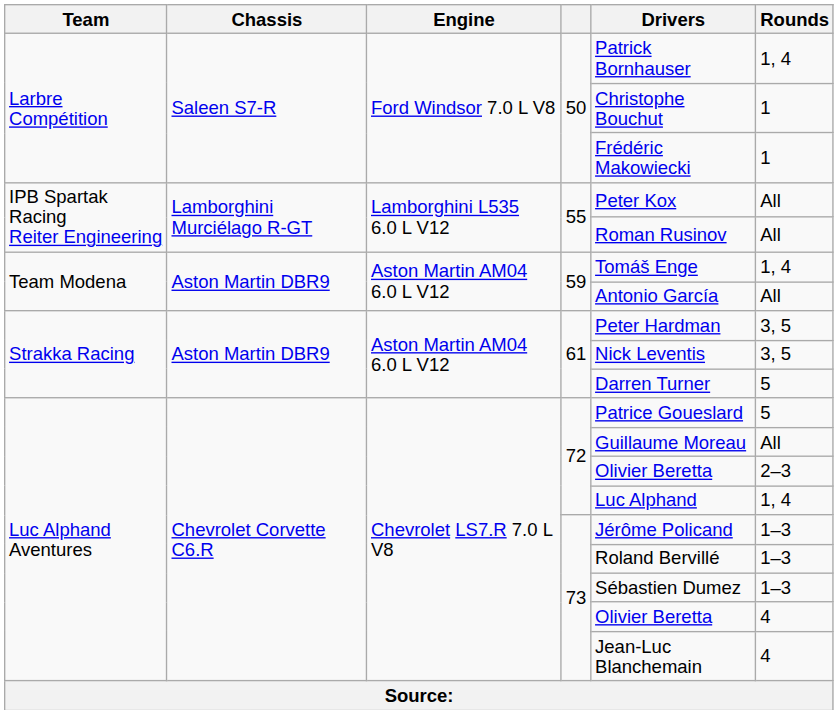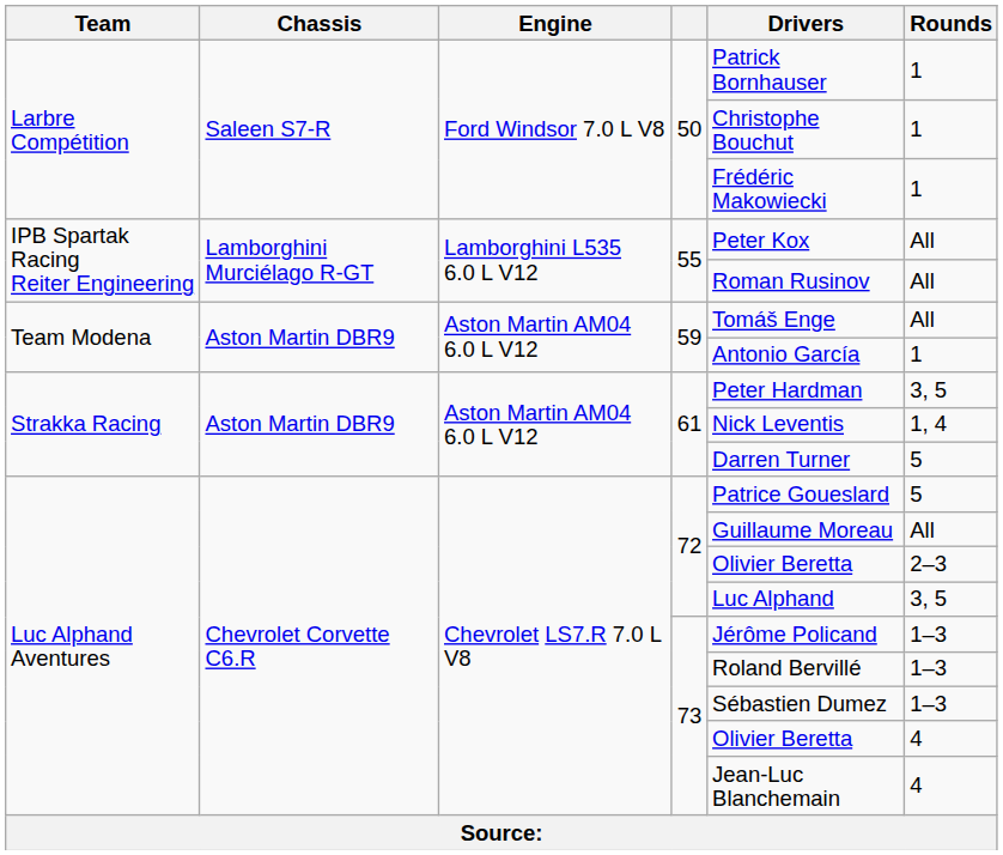 <table class="wikitable" style="font-size: 85%">
 <tr>
 <th>Team</th>
 <th>Chassis</th>
 <th>Engine</th>
 <th></th>
 <th>Drivers</th>
 <th>Rounds</th>
 </tr>
 <tr>
 <td rowspan="3"> <a href='#'>Larbre Compétition</a></td>
 <td rowspan="3"><a href='#'>Saleen S7-R</a></td>
 <td rowspan="3"><a href='#'>Ford Windsor</a> 7.0 L V8</td>
 <td rowspan="3" align="center">50</td>
 <td> <a href='#'>Patrick Bornhauser</a></td>
-<td>1, 4</td>
+<td>1</td>
 </tr>
 <tr>
 <td> <a href='#'>Christophe Bouchut</a></td>
 <td>1</td>
 </tr>
 <tr>
 <td> <a href='#'>Frédéric Makowiecki</a></td>
 <td>1</td>
 </tr>
 <tr>
 <td rowspan="2"> IPB Spartak Racing<br> <a href='#'>Reiter Engineering</a></td>
 <td rowspan="2"><a href='#'>Lamborghini Murciélago R-GT</a></td>
 <td rowspan="2"><a href='#'>Lamborghini L535</a> 6.0 L V12</td>
 <td rowspan="2" align="center">55</td>
 <td> <a href='#'>Peter Kox</a></td>
 <td>All</td>
 </tr>
 <tr>
 <td> <a href='#'>Roman Rusinov</a></td>
 <td>All</td>
 </tr>
 <tr>
 <td rowspan="2"> Team Modena</td>
 <td rowspan="2"><a href='#'>Aston Martin DBR9</a></td>
 <td rowspan="2"><a href='#'>Aston Martin AM04</a> 6.0 L V12</td>
 <td rowspan="2" align="center">59</td>
 <td> <a href='#'>Tomáš Enge</a></td>
-<td>1, 4</td>
+<td>All</td>
 </tr>
 <tr>
 <td> <a href='#'>Antonio García</a></td>
-<td>All</td>
+<td>1</td>
 </tr>
 <tr>
 <td rowspan="3"> <a href='#'>Strakka Racing</a></td>
 <td rowspan="3"><a href='#'>Aston Martin DBR9</a></td>
 <td rowspan="3"><a href='#'>Aston Martin AM04</a> 6.0 L V12</td>
 <td rowspan="3" align="center">61</td>
 <td> <a href='#'>Peter Hardman</a></td>
 <td>3, 5</td>
 </tr>
 <tr>
 <td> <a href='#'>Nick Leventis</a></td>
-<td>3, 5</td>
+<td>1, 4</td>
 </tr>
 <tr>
 <td> <a href='#'>Darren Turner</a></td>
 <td>5</td>
 </tr>
 <tr>
 <td rowspan="9"> <a href='#'>Luc Alphand</a> Aventures</td>
 <td rowspan="9"><a href='#'>Chevrolet Corvette C6.R</a></td>
 <td rowspan="9"><a href='#'>Chevrolet</a> <a href='#'>LS7.R</a> 7.0 L V8</td>
 <td rowspan="4" align="center">72</td>
 <td> <a href='#'>Patrice Goueslard</a></td>
 <td>5</td>
 </tr>
 <tr>
 <td> <a href='#'>Guillaume Moreau</a></td>
 <td>All</td>
 </tr>
 <tr>
 <td> <a href='#'>Olivier Beretta</a></td>
 <td>2–3</td>
 </tr>
 <tr>
 <td> <a href='#'>Luc Alphand</a></td>
-<td>1, 4</td>
+<td>3, 5</td>
 </tr>
 <tr>
 <td rowspan="5" align="center">73</td>
 <td> <a href='#'>Jérôme Policand</a></td>
 <td>1–3</td>
 </tr>
 <tr>
 <td> Roland Bervillé</td>
 <td>1–3</td>
 </tr>
 <tr>
 <td> Sébastien Dumez</td>
 <td>1–3</td>
 </tr>
 <tr>
 <td> <a href='#'>Olivier Beretta</a></td>
 <td>4</td>
 </tr>
 <tr>
 <td> Jean-Luc Blanchemain</td>
 <td>4</td>
 </tr>
 <tr>
 <th colspan="6">Source:</th>
 </tr>
 </table>
